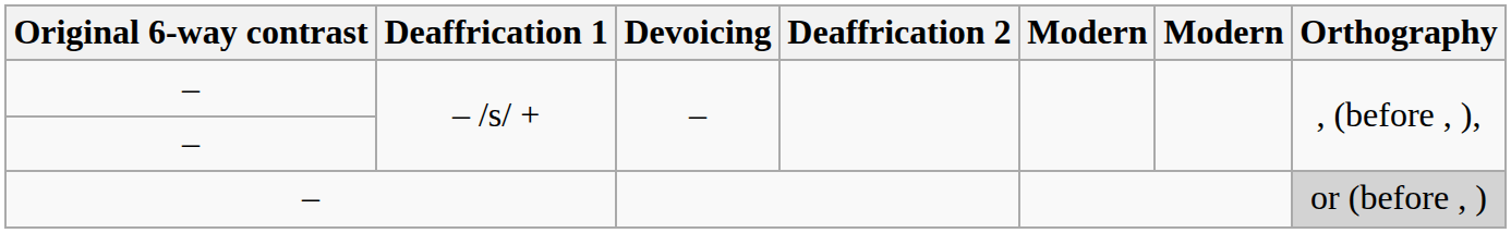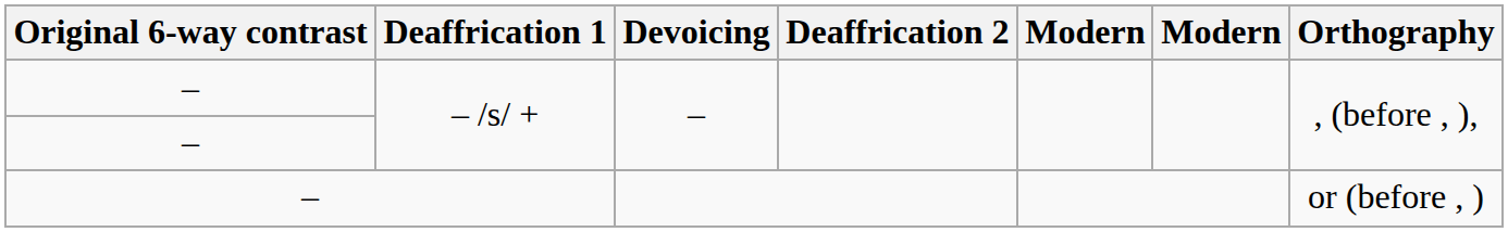 <table class="wikitable" style="text-align: center; margin: 1em 1em 1em 2em;">
 <tr>
 <th>Original 6-way contrast</th>
 <th>Deaffrication 1</th>
 <th>Devoicing</th>
 <th>Deaffrication 2</th>
 <th>Modern </th>
 <th>Modern </th>
 <th>Orthography</th>
 </tr>
 <tr>
 <td> – </td>
 <td rowspan="2"> – /s/ + </td>
 <td rowspan="2"> – </td>
 <td rowspan="2"></td>
 <td rowspan="2"></td>
 <td rowspan="2"></td>
 <td rowspan="2">,  (before , ), </td>
 </tr>
 <tr>
 <td> – </td>
 </tr>
 <tr>
 <td colspan=2> – </td>
 <td colspan=2></td>
 <td colspan="2"></td>
-<td style="background: lightgrey;"> or  (before , )</td>
+<td> or  (before , )</td>
 </tr>
 </table>
